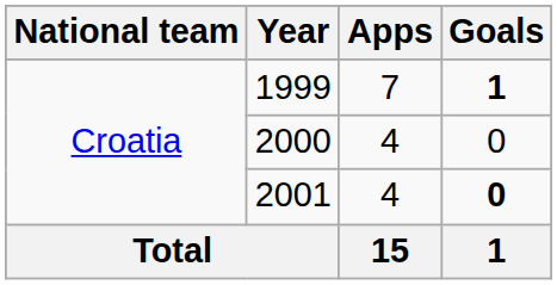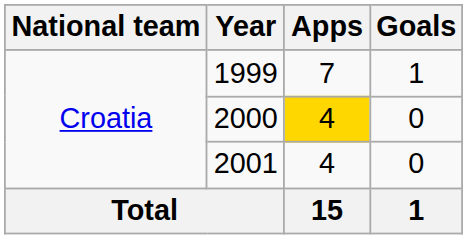 <table class="wikitable" style="text-align:center">
 <tr>
 <th>National team</th>
 <th>Year</th>
 <th>Apps</th>
 <th>Goals</th>
 </tr>
 <tr>
 <td rowspan="3"><a href='#'>Croatia</a></td>
 <td>1999</td>
 <td>7</td>
-<td><strong>1</strong></td>
+<td>1</td>
 </tr>
 <tr>
 <td>2000</td>
-<td>4</td>
+<td style="background: gold;">4</td>
 <td>0</td>
 </tr>
 <tr>
 <td>2001</td>
 <td>4</td>
-<td><strong>0</strong></td>
+<td>0</td>
 </tr>
 <tr>
 <th colspan="2">Total</th>
 <th>15</th>
 <th>1</th>
 </tr>
 </table>
